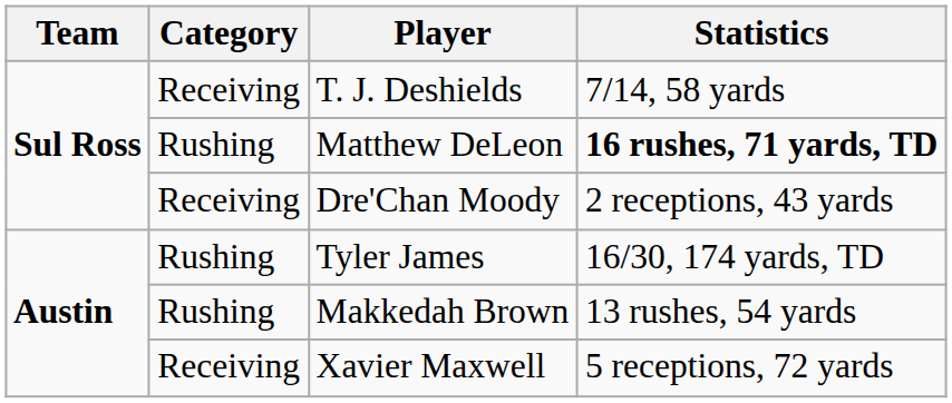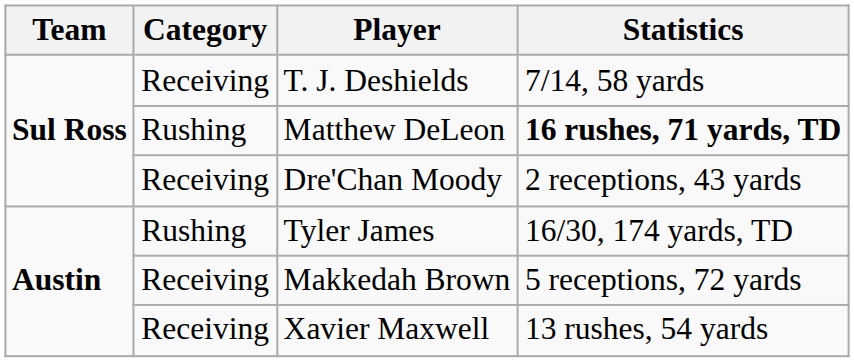 <table class="wikitable" style="float: right;">
 <tr>
 <th>Team</th>
 <th>Category</th>
 <th>Player</th>
 <th>Statistics</th>
 </tr>
 <tr>
 <td rowspan=3><strong>Sul Ross</strong></td>
 <td>Receiving</td>
 <td>T. J. Deshields</td>
 <td>7/14, 58 yards</td>
 </tr>
 <tr>
 <td>Rushing</td>
 <td>Matthew DeLeon</td>
 <td><strong>16 rushes, 71 yards, TD</strong></td>
 </tr>
 <tr>
 <td>Receiving</td>
 <td>Dre'Chan Moody</td>
 <td>2 receptions, 43 yards</td>
 </tr>
 <tr>
 <td rowspan=3><strong>Austin</strong></td>
 <td>Rushing</td>
 <td>Tyler James</td>
 <td>16/30, 174 yards, TD</td>
 </tr>
 <tr>
-<td>Rushing</td>
+<td>Receiving</td>
 <td>Makkedah Brown</td>
-<td>13 rushes, 54 yards</td>
+<td>5 receptions, 72 yards</td>
 </tr>
 <tr>
 <td>Receiving</td>
 <td>Xavier Maxwell</td>
-<td>5 receptions, 72 yards</td>
+<td>13 rushes, 54 yards</td>
 </tr>
 </table>
